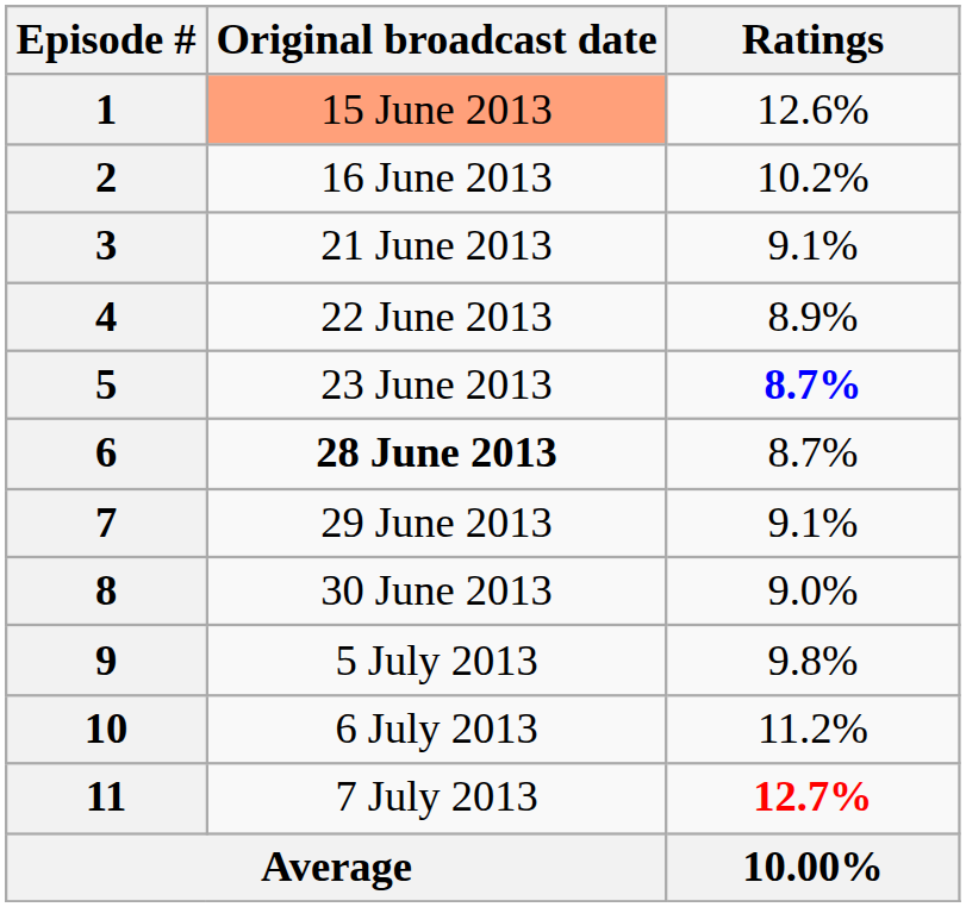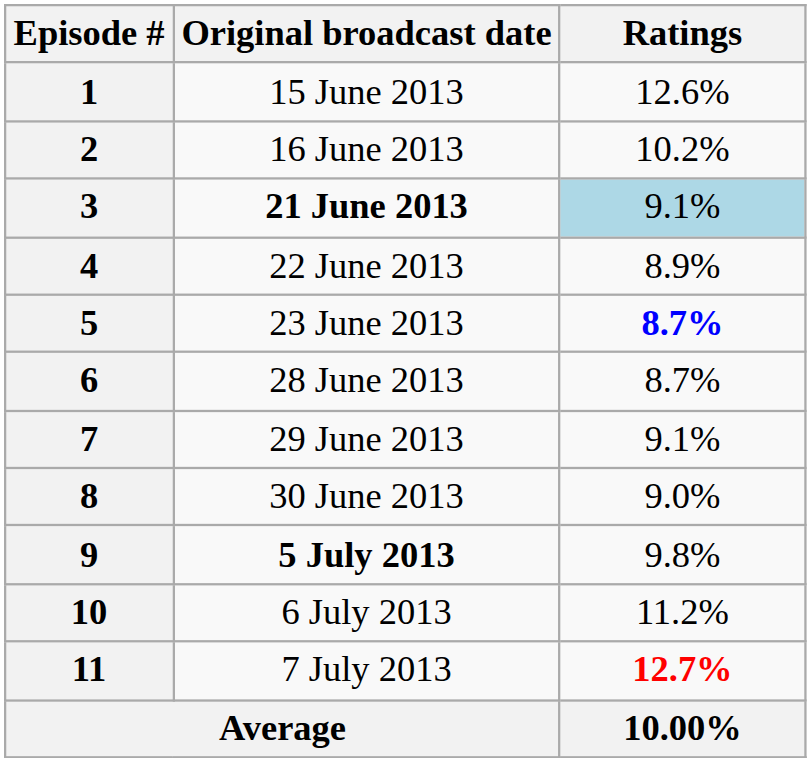 <table class=wikitable style="text-align:center">
 <tr>
 <th>Episode #</th>
 <th>Original broadcast date</th>
 <th width="100">Ratings</th>
 </tr>
 <tr>
 <th>1</th>
-<td style="background: lightsalmon;">15 June 2013</td>
+<td>15 June 2013</td>
 <td>12.6%</td>
 </tr>
 <tr>
 <th>2</th>
 <td>16 June 2013</td>
 <td>10.2%</td>
 </tr>
 <tr>
 <th>3</th>
-<td>21 June 2013</td>
-<td>9.1%</td>
+<td><strong>21 June 2013</strong></td>
+<td style="background: lightblue;">9.1%</td>
 </tr>
 <tr>
 <th>4</th>
 <td>22 June 2013</td>
 <td>8.9%</td>
 </tr>
 <tr>
 <th>5</th>
 <td>23 June 2013</td>
 <td style="color: blue;"><strong>8.7%</strong></td>
 </tr>
 <tr>
 <th>6</th>
-<td><strong>28 June 2013</strong></td>
+<td>28 June 2013</td>
 <td>8.7%</td>
 </tr>
 <tr>
 <th>7</th>
 <td>29 June 2013</td>
 <td>9.1%</td>
 </tr>
 <tr>
 <th>8</th>
 <td>30 June 2013</td>
 <td>9.0%</td>
 </tr>
 <tr>
 <th>9</th>
-<td>5 July 2013</td>
+<td><strong>5 July 2013</strong></td>
 <td>9.8%</td>
 </tr>
 <tr>
 <th>10</th>
 <td>6 July 2013</td>
 <td>11.2%</td>
 </tr>
 <tr>
 <th>11</th>
 <td>7 July 2013</td>
 <td style="color: red;"><strong>12.7%</strong></td>
 </tr>
 <tr>
 <th colspan="2">Average</th>
 <th>10.00%</th>
 </tr>
 <tr>
 </tr>
 </table>
